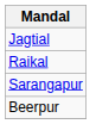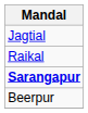 <table class="wikitable sortable static-row-numbers static-row-header-hash">
 <tr>
 <th>Mandal</th>
 </tr>
 <tr>
 <td><a href='#'>Jagtial</a></td>
 </tr>
 <tr>
 <td><a href='#'>Raikal</a></td>
 </tr>
 <tr>
-<td><a href='#'>Sarangapur</a></td>
+<td><strong><a href='#'>Sarangapur</a></strong></td>
 </tr>
 <tr>
 <td>Beerpur</td>
 </tr>
 <tr>
 </tr>
 </table>
